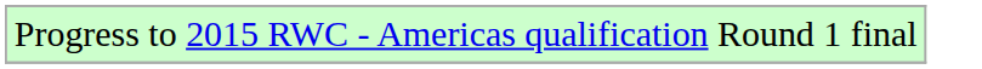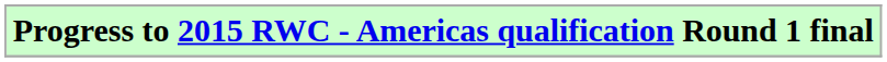 <table class="wikitable">
 <tr>
 </tr>
 <tr width=10px bgcolor="#ccffcc">
-<td>Progress to <a href='#'>2015 RWC - Americas qualification</a> Round 1 final</td>
+<td><strong>Progress to <a href='#'>2015 RWC - Americas qualification</a> Round 1 final</strong></td>
 </tr>
 <tr>
 </tr>
 </table>
